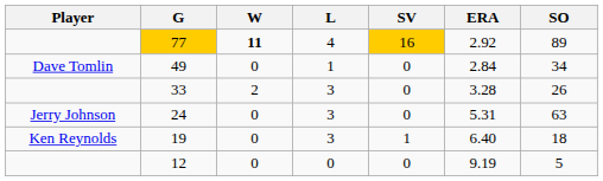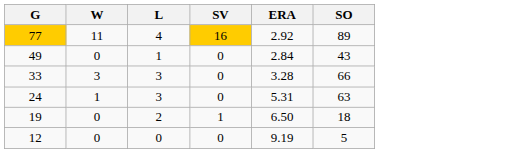 <table class="wikitable sortable">
 <tr>
-<th bgcolor="#DDDDFF" width="16%">Player</th>
 <th bgcolor="#DDDDFF" width="9%">G</th>
 <th bgcolor="#DDDDFF" width="9%">W</th>
 <th bgcolor="#DDDDFF" width="9%">L</th>
 <th bgcolor="#DDDDFF" width="9%">SV</th>
 <th bgcolor="#DDDDFF" width="9%">ERA</th>
 <th bgcolor="#DDDDFF" width="9%">SO</th>
 </tr>
 <tr align="center">
-<td></td>
 <td style="background:#fc0;">77</td>
-<td><strong>11</strong></td>
+<td>11</td>
 <td>4</td>
 <td style="background:#fc0;">16</td>
 <td>2.92</td>
 <td>89</td>
 </tr>
 <tr align="center">
-<td><a href='#'>Dave Tomlin</a></td>
 <td>49</td>
 <td>0</td>
 <td>1</td>
 <td>0</td>
 <td>2.84</td>
-<td>34</td>
+<td>43</td>
 </tr>
 <tr align=center>
-<td></td>
 <td>33</td>
-<td>2</td>
+<td>3</td>
 <td>3</td>
 <td>0</td>
 <td>3.28</td>
-<td>26</td>
+<td>66</td>
 </tr>
 <tr align="center">
-<td><a href='#'>Jerry Johnson</a></td>
 <td>24</td>
-<td>0</td>
+<td>1</td>
 <td>3</td>
 <td>0</td>
 <td>5.31</td>
 <td>63</td>
 </tr>
 <tr align=center>
-<td><a href='#'>Ken Reynolds</a></td>
 <td>19</td>
 <td>0</td>
-<td>3</td>
+<td>2</td>
 <td>1</td>
-<td>6.40</td>
+<td>6.50</td>
 <td>18</td>
 </tr>
 <tr align=center>
-<td></td>
 <td>12</td>
 <td>0</td>
 <td>0</td>
 <td>0</td>
 <td>9.19</td>
 <td>5</td>
 </tr>
 </table>
